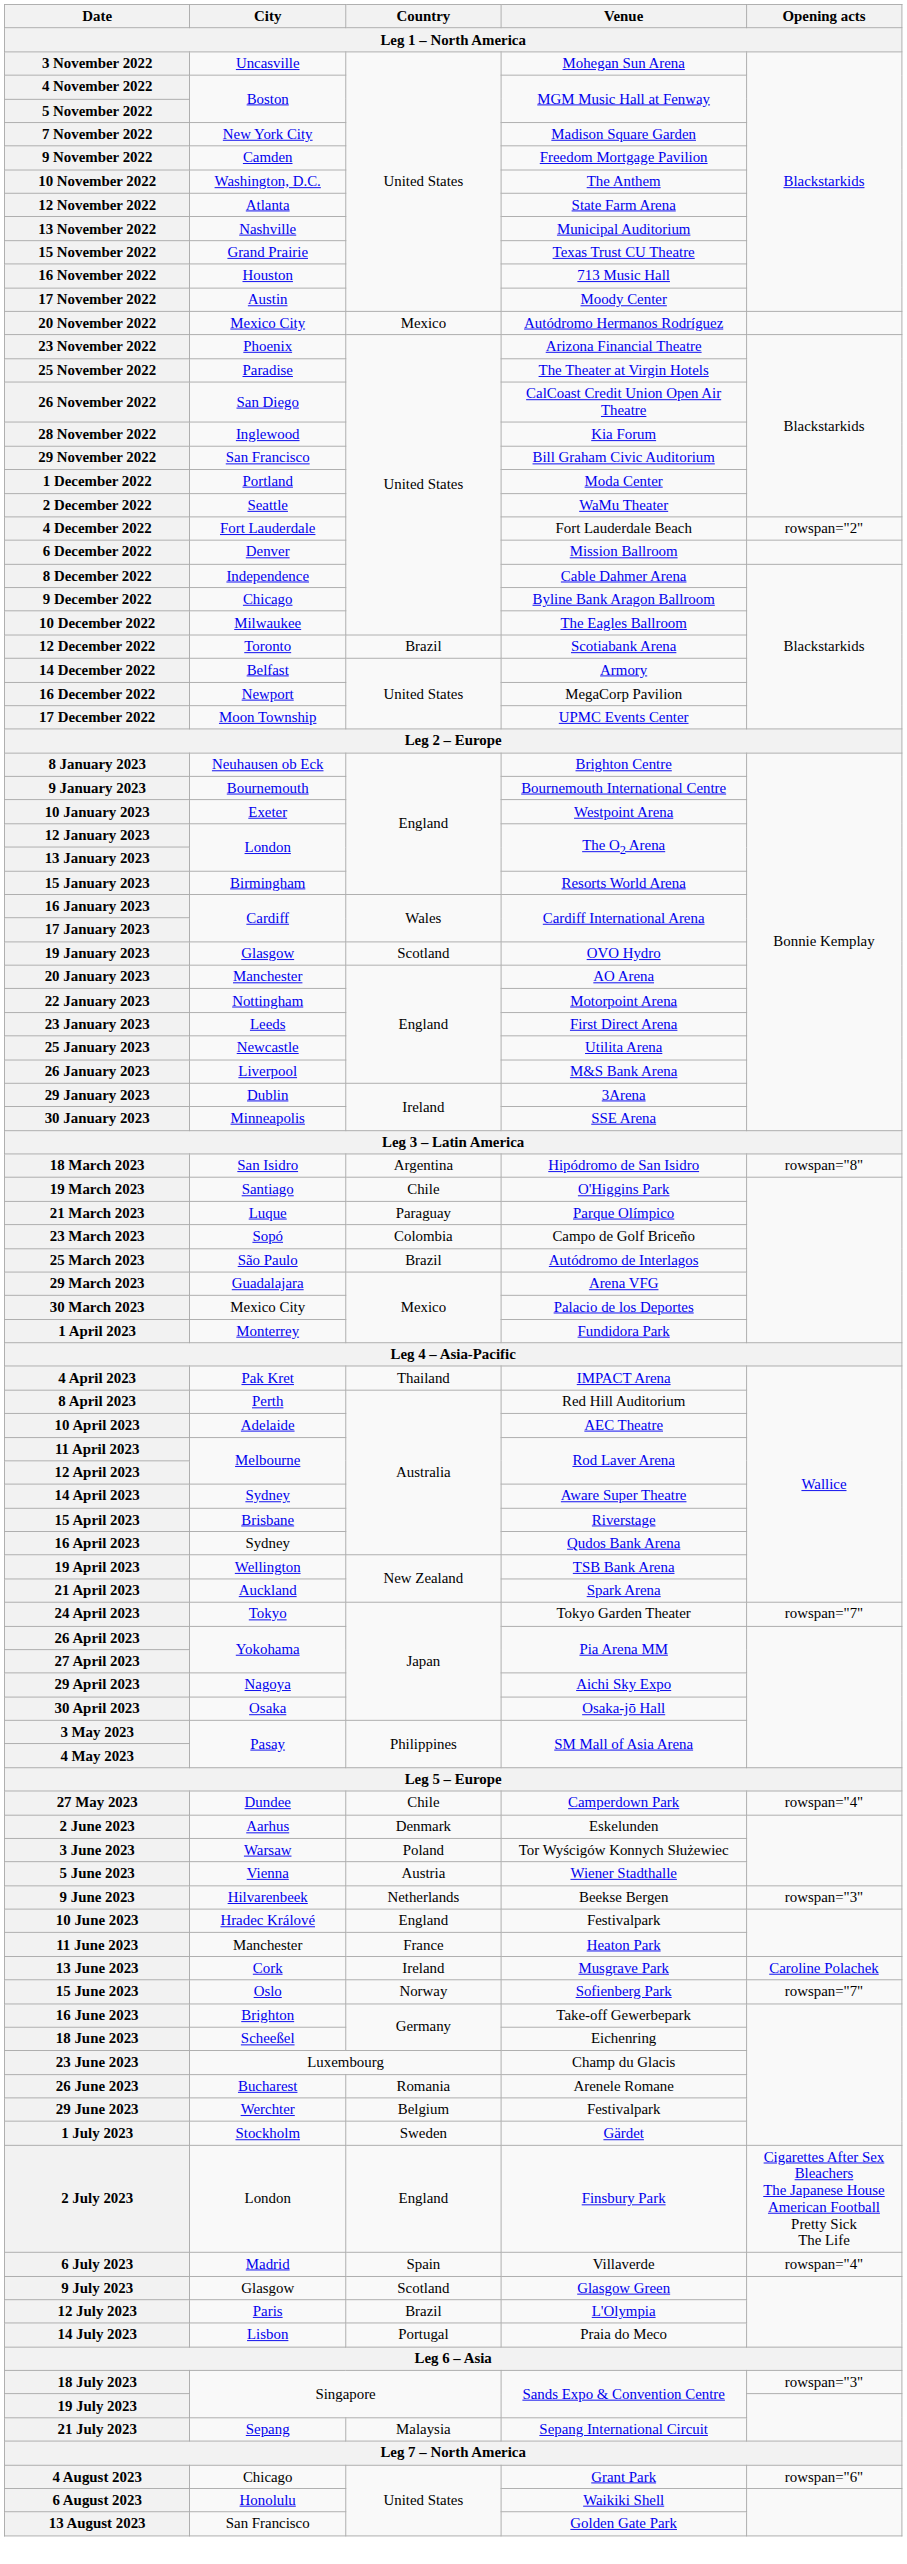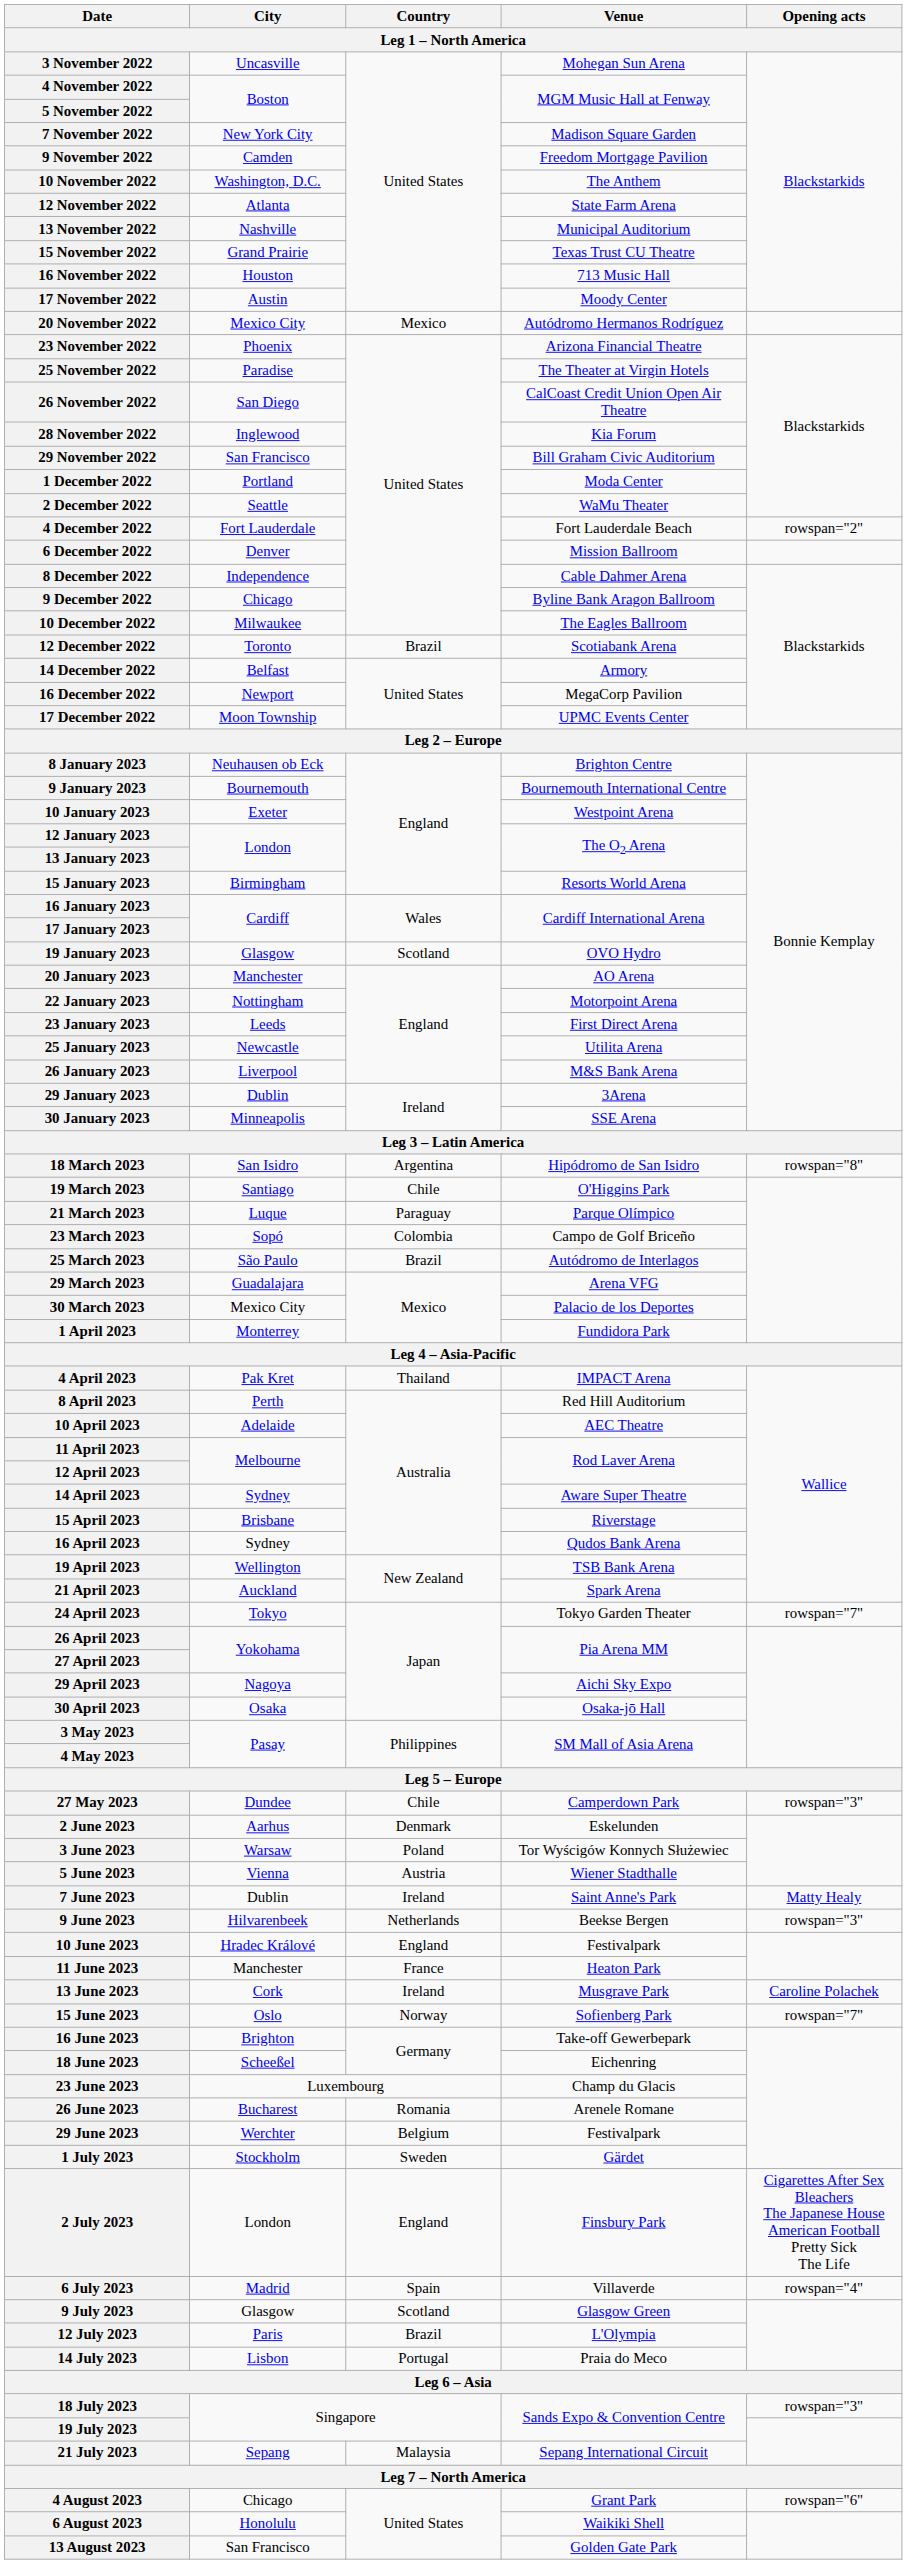 <table class="wikitable plainrowheaders" style="text-align:center;">
 <tr>
 <th scope="col" style="width:12em;">Date</th>
 <th scope="col" style="width:10em;">City</th>
 <th scope="col" style="width:10em;">Country</th>
 <th scope="col" style="width:16em;">Venue</th>
 <th scope="col" style="width:10em;">Opening acts</th>
 </tr>
 <tr>
 <th colspan="5">Leg 1 – North America</th>
 </tr>
 <tr>
 <th scope="row" style="text-align:center;">3 November 2022</th>
 <td><a href='#'>Uncasville</a></td>
 <td rowspan="11">United States</td>
 <td><a href='#'>Mohegan Sun Arena</a></td>
 <td rowspan="11"><a href='#'>Blackstarkids</a></td>
 </tr>
 <tr>
 <th scope="row" style="text-align:center;">4 November 2022</th>
 <td rowspan="2"><a href='#'>Boston</a></td>
 <td rowspan="2"><a href='#'>MGM Music Hall at Fenway</a></td>
 </tr>
 <tr>
 <th scope="row" style="text-align:center;">5 November 2022</th>
 </tr>
 <tr>
 <th scope="row" style="text-align:center;">7 November 2022</th>
 <td><a href='#'>New York City</a></td>
 <td><a href='#'>Madison Square Garden</a></td>
 </tr>
 <tr>
 <th scope="row" style="text-align:center;">9 November 2022</th>
 <td><a href='#'>Camden</a></td>
 <td><a href='#'>Freedom Mortgage Pavilion</a></td>
 </tr>
 <tr>
 <th scope="row" style="text-align:center;">10 November 2022</th>
 <td><a href='#'>Washington, D.C.</a></td>
 <td><a href='#'>The Anthem</a></td>
 </tr>
 <tr>
 <th scope="row" style="text-align:center;">12 November 2022</th>
 <td><a href='#'>Atlanta</a></td>
 <td><a href='#'>State Farm Arena</a></td>
 </tr>
 <tr>
 <th scope="row" style="text-align:center;">13 November 2022</th>
 <td><a href='#'>Nashville</a></td>
 <td><a href='#'>Municipal Auditorium</a></td>
 </tr>
 <tr>
 <th scope="row" style="text-align:center;">15 November 2022</th>
 <td><a href='#'>Grand Prairie</a></td>
 <td><a href='#'>Texas Trust CU Theatre</a></td>
 </tr>
 <tr>
 <th scope="row" style="text-align:center;">16 November 2022</th>
 <td><a href='#'>Houston</a></td>
 <td><a href='#'>713 Music Hall</a></td>
 </tr>
 <tr>
 <th scope="row" style="text-align:center;">17 November 2022</th>
 <td><a href='#'>Austin</a></td>
 <td><a href='#'>Moody Center</a></td>
 </tr>
 <tr>
 <th scope="row" style="text-align:center;">20 November 2022</th>
 <td><a href='#'>Mexico City</a></td>
 <td>Mexico</td>
 <td><a href='#'>Autódromo Hermanos Rodríguez</a></td>
 <td></td>
 </tr>
 <tr>
 <th scope="row" style="text-align:center;">23 November 2022</th>
 <td><a href='#'>Phoenix</a></td>
 <td rowspan="12">United States</td>
 <td><a href='#'>Arizona Financial Theatre</a></td>
 <td rowspan="7">Blackstarkids</td>
 </tr>
 <tr>
 <th scope="row" style="text-align:center;">25 November 2022</th>
 <td><a href='#'>Paradise</a></td>
 <td><a href='#'>The Theater at Virgin Hotels</a></td>
 </tr>
 <tr>
 <th scope="row" style="text-align:center;">26 November 2022</th>
 <td><a href='#'>San Diego</a></td>
 <td><a href='#'>CalCoast Credit Union Open Air Theatre</a></td>
 </tr>
 <tr>
 <th scope="row" style="text-align:center;">28 November 2022</th>
 <td><a href='#'>Inglewood</a></td>
 <td><a href='#'>Kia Forum</a></td>
 </tr>
 <tr>
 <th scope="row" style="text-align:center;">29 November 2022</th>
 <td><a href='#'>San Francisco</a></td>
 <td><a href='#'>Bill Graham Civic Auditorium</a></td>
 </tr>
 <tr>
 <th scope="row" style="text-align:center;">1 December 2022</th>
 <td><a href='#'>Portland</a></td>
 <td><a href='#'>Moda Center</a></td>
 </tr>
 <tr>
 <th scope="row" style="text-align:center;">2 December 2022</th>
 <td><a href='#'>Seattle</a></td>
 <td><a href='#'>WaMu Theater</a></td>
 </tr>
 <tr>
 <th scope="row" style="text-align:center;">4 December 2022</th>
 <td><a href='#'>Fort Lauderdale</a></td>
 <td>Fort Lauderdale Beach</td>
 <td>rowspan="2" </td>
 </tr>
 <tr>
 <th scope="row" style="text-align:center;">6 December 2022</th>
 <td><a href='#'>Denver</a></td>
 <td><a href='#'>Mission Ballroom</a></td>
 </tr>
 <tr>
 <th scope="row" style="text-align:center;">8 December 2022</th>
 <td><a href='#'>Independence</a></td>
 <td><a href='#'>Cable Dahmer Arena</a></td>
 <td rowspan="7">Blackstarkids</td>
 </tr>
 <tr>
 <th scope="row" style="text-align:center;">9 December 2022</th>
 <td><a href='#'>Chicago</a></td>
 <td><a href='#'>Byline Bank Aragon Ballroom</a></td>
 </tr>
 <tr>
 <th scope="row" style="text-align:center;">10 December 2022</th>
 <td><a href='#'>Milwaukee</a></td>
 <td><a href='#'>The Eagles Ballroom</a></td>
 </tr>
 <tr>
 <th scope="row" style="text-align:center;">12 December 2022</th>
 <td><a href='#'>Toronto</a></td>
 <td>Brazil</td>
 <td><a href='#'>Scotiabank Arena</a></td>
 </tr>
 <tr>
 <th scope="row" style="text-align:center;">14 December 2022</th>
 <td><a href='#'>Belfast</a></td>
 <td rowspan="3">United States</td>
 <td><a href='#'>Armory</a></td>
 </tr>
 <tr>
 <th scope="row" style="text-align:center;">16 December 2022</th>
 <td><a href='#'>Newport</a></td>
 <td>MegaCorp Pavilion</td>
 </tr>
 <tr>
 <th scope="row" style="text-align:center;">17 December 2022</th>
 <td><a href='#'>Moon Township</a></td>
 <td><a href='#'>UPMC Events Center</a></td>
 </tr>
 <tr>
 <th colspan="5">Leg 2 – Europe</th>
 </tr>
 <tr>
 <th scope="row" style="text-align:center;">8 January 2023</th>
 <td><a href='#'>Neuhausen ob Eck</a></td>
 <td rowspan="6">England</td>
 <td><a href='#'>Brighton Centre</a></td>
 <td rowspan="16">Bonnie Kemplay</td>
 </tr>
 <tr>
 <th scope="row" style="text-align:center;">9 January 2023</th>
 <td><a href='#'>Bournemouth</a></td>
 <td><a href='#'>Bournemouth International Centre</a></td>
 </tr>
 <tr>
 <th scope="row" style="text-align:center;">10 January 2023</th>
 <td><a href='#'>Exeter</a></td>
 <td><a href='#'>Westpoint Arena</a></td>
 </tr>
 <tr>
 <th scope="row" style="text-align:center;">12 January 2023</th>
 <td rowspan="2"><a href='#'>London</a></td>
 <td rowspan="2"><a href='#'>The O<sub>2</sub> Arena</a></td>
 </tr>
 <tr>
 <th scope="row" style="text-align:center;">13 January 2023</th>
 </tr>
 <tr>
 <th scope="row" style="text-align:center;">15 January 2023</th>
 <td><a href='#'>Birmingham</a></td>
 <td><a href='#'>Resorts World Arena</a></td>
 </tr>
 <tr>
 <th scope="row" style="text-align:center;">16 January 2023</th>
 <td rowspan="2"><a href='#'>Cardiff</a></td>
 <td rowspan="2">Wales</td>
 <td rowspan="2"><a href='#'>Cardiff International Arena</a></td>
 </tr>
 <tr>
 <th scope="row" style="text-align:center;">17 January 2023</th>
 </tr>
 <tr>
 <th scope="row" style="text-align:center;">19 January 2023</th>
 <td><a href='#'>Glasgow</a></td>
 <td>Scotland</td>
 <td><a href='#'>OVO Hydro</a></td>
 </tr>
 <tr>
 <th scope="row" style="text-align:center;">20 January 2023</th>
 <td><a href='#'>Manchester</a></td>
 <td rowspan="5">England</td>
 <td><a href='#'>AO Arena</a></td>
 </tr>
 <tr>
 <th scope="row" style="text-align:center;">22 January 2023</th>
 <td><a href='#'>Nottingham</a></td>
 <td><a href='#'>Motorpoint Arena</a></td>
 </tr>
 <tr>
 <th scope="row" style="text-align:center;">23 January 2023</th>
 <td><a href='#'>Leeds</a></td>
 <td><a href='#'>First Direct Arena</a></td>
 </tr>
 <tr>
 <th scope="row" style="text-align:center;">25 January 2023</th>
 <td><a href='#'>Newcastle</a></td>
 <td><a href='#'>Utilita Arena</a></td>
 </tr>
 <tr>
 <th scope="row" style="text-align:center;">26 January 2023</th>
 <td><a href='#'>Liverpool</a></td>
 <td><a href='#'>M&S Bank Arena</a></td>
 </tr>
 <tr>
 <th scope="row" style="text-align:center;">29 January 2023</th>
 <td><a href='#'>Dublin</a></td>
 <td rowspan="2">Ireland</td>
 <td><a href='#'>3Arena</a></td>
 </tr>
 <tr>
 <th scope="row" style="text-align:center;">30 January 2023</th>
 <td><a href='#'>Minneapolis</a></td>
 <td><a href='#'>SSE Arena</a></td>
 </tr>
 <tr>
 <th colspan="5">Leg 3 – Latin America</th>
 </tr>
 <tr>
 <th scope="row" style="text-align:center;">18 March 2023</th>
 <td><a href='#'>San Isidro</a></td>
 <td>Argentina</td>
 <td><a href='#'>Hipódromo de San Isidro</a></td>
 <td>rowspan="8" </td>
 </tr>
 <tr>
 <th scope="row" style="text-align:center;">19 March 2023</th>
 <td><a href='#'>Santiago</a></td>
 <td>Chile</td>
 <td><a href='#'>O'Higgins Park</a></td>
 </tr>
 <tr>
 <th scope="row" style="text-align:center;">21 March 2023</th>
 <td><a href='#'>Luque</a></td>
 <td>Paraguay</td>
 <td><a href='#'>Parque Olímpico</a></td>
 </tr>
 <tr>
 <th scope="row" style="text-align:center;">23 March 2023</th>
 <td><a href='#'>Sopó</a></td>
 <td>Colombia</td>
 <td>Campo de Golf Briceño</td>
 </tr>
 <tr>
 <th scope="row" style="text-align:center;">25 March 2023</th>
 <td><a href='#'>São Paulo</a></td>
 <td>Brazil</td>
 <td><a href='#'>Autódromo de Interlagos</a></td>
 </tr>
 <tr>
 <th scope="row" style="text-align:center;">29 March 2023</th>
 <td><a href='#'>Guadalajara</a></td>
 <td rowspan="3">Mexico</td>
 <td><a href='#'>Arena VFG</a></td>
 </tr>
 <tr>
 <th scope="row" style="text-align:center;">30 March 2023</th>
 <td>Mexico City</td>
 <td><a href='#'>Palacio de los Deportes</a></td>
 </tr>
 <tr>
 <th scope="row" style="text-align:center;">1 April 2023</th>
 <td><a href='#'>Monterrey</a></td>
 <td><a href='#'>Fundidora Park</a></td>
 </tr>
 <tr>
 <th colspan="5">Leg 4 – Asia-Pacific</th>
 </tr>
 <tr>
 <th scope="row" style="text-align:center;">4 April 2023</th>
 <td><a href='#'>Pak Kret</a></td>
 <td>Thailand</td>
 <td><a href='#'>IMPACT Arena</a></td>
 <td rowspan="10"><a href='#'>Wallice</a></td>
 </tr>
 <tr>
 <th scope="row" style="text-align:center;">8 April 2023</th>
 <td><a href='#'>Perth</a></td>
 <td rowspan="7">Australia</td>
 <td>Red Hill Auditorium</td>
 </tr>
 <tr>
 <th scope="row" style="text-align:center;">10 April 2023</th>
 <td><a href='#'>Adelaide</a></td>
 <td><a href='#'>AEC Theatre</a></td>
 </tr>
 <tr>
 <th scope="row" style="text-align:center;">11 April 2023</th>
 <td rowspan="2"><a href='#'>Melbourne</a></td>
 <td rowspan="2"><a href='#'>Rod Laver Arena</a></td>
 </tr>
 <tr>
 <th scope="row" style="text-align:center;">12 April 2023</th>
 </tr>
 <tr>
 <th scope="row" style="text-align:center;">14 April 2023</th>
 <td><a href='#'>Sydney</a></td>
 <td><a href='#'>Aware Super Theatre</a></td>
 </tr>
 <tr>
 <th scope="row" style="text-align:center;">15 April 2023</th>
 <td><a href='#'>Brisbane</a></td>
 <td><a href='#'>Riverstage</a></td>
 </tr>
 <tr>
 <th scope="row" style="text-align:center;">16 April 2023</th>
 <td>Sydney</td>
 <td><a href='#'>Qudos Bank Arena</a></td>
 </tr>
 <tr>
 <th scope="row" style="text-align:center;">19 April 2023</th>
 <td><a href='#'>Wellington</a></td>
 <td rowspan="2">New Zealand</td>
 <td><a href='#'>TSB Bank Arena</a></td>
 </tr>
 <tr>
 <th scope="row" style="text-align:center;">21 April 2023</th>
 <td><a href='#'>Auckland</a></td>
 <td><a href='#'>Spark Arena</a></td>
 </tr>
 <tr>
 <th scope="row" style="text-align:center;">24 April 2023</th>
 <td><a href='#'>Tokyo</a></td>
 <td rowspan="5">Japan</td>
 <td>Tokyo Garden Theater</td>
 <td>rowspan="7" </td>
 </tr>
 <tr>
 <th scope="row" style="text-align:center;">26 April 2023</th>
 <td rowspan="2"><a href='#'>Yokohama</a></td>
 <td rowspan="2"><a href='#'>Pia Arena MM</a></td>
 </tr>
 <tr>
 <th scope="row" style="text-align:center;">27 April 2023</th>
 </tr>
 <tr>
 <th scope="row" style="text-align:center;">29 April 2023</th>
 <td><a href='#'>Nagoya</a></td>
 <td><a href='#'>Aichi Sky Expo</a></td>
 </tr>
 <tr>
 <th scope="row" style="text-align:center;">30 April 2023</th>
 <td><a href='#'>Osaka</a></td>
 <td><a href='#'>Osaka-jō Hall</a></td>
 </tr>
 <tr>
 <th scope="row" style="text-align:center;">3 May 2023</th>
 <td rowspan="2"><a href='#'>Pasay</a></td>
 <td rowspan="2">Philippines</td>
 <td rowspan="2"><a href='#'>SM Mall of Asia Arena</a></td>
 </tr>
 <tr>
 <th scope="row" style="text-align:center;">4 May 2023</th>
 </tr>
 <tr>
 <th colspan="5">Leg 5 – Europe</th>
 </tr>
 <tr>
 <th scope="row" style="text-align:center;">27 May 2023</th>
 <td><a href='#'>Dundee</a></td>
 <td>Chile</td>
 <td><a href='#'>Camperdown Park</a></td>
-<td>rowspan="4" </td>
+<td>rowspan="3" </td>
 </tr>
 <tr>
 <th scope="row" style="text-align:center;">2 June 2023</th>
 <td><a href='#'>Aarhus</a></td>
 <td>Denmark</td>
 <td>Eskelunden</td>
 </tr>
 <tr>
 <th scope="row" style="text-align:center;">3 June 2023</th>
 <td><a href='#'>Warsaw</a></td>
 <td>Poland</td>
 <td>Tor Wyścigów Konnych Służewiec</td>
 </tr>
 <tr>
 <th scope="row" style="text-align:center;">5 June 2023</th>
 <td><a href='#'>Vienna</a></td>
 <td>Austria</td>
 <td><a href='#'>Wiener Stadthalle</a></td>
+</tr>
+<tr>
+<th scope="row" style="text-align:center;">7 June 2023</th>
+<td>Dublin</td>
+<td>Ireland</td>
+<td><a href='#'>Saint Anne's Park</a></td>
+<td><a href='#'>Matty Healy</a></td>
 </tr>
 <tr>
 <th scope="row" style="text-align:center;">9 June 2023</th>
 <td><a href='#'>Hilvarenbeek</a></td>
 <td>Netherlands</td>
 <td>Beekse Bergen</td>
 <td>rowspan="3" </td>
 </tr>
 <tr>
 <th scope="row" style="text-align:center;">10 June 2023</th>
 <td><a href='#'>Hradec Králové</a></td>
 <td>England</td>
 <td>Festivalpark</td>
 </tr>
 <tr>
 <th scope="row" style="text-align:center;">11 June 2023</th>
 <td>Manchester</td>
 <td>France</td>
 <td><a href='#'>Heaton Park</a></td>
 </tr>
 <tr>
 <th scope="row" style="text-align:center;">13 June 2023</th>
 <td><a href='#'>Cork</a></td>
 <td>Ireland</td>
 <td><a href='#'>Musgrave Park</a></td>
 <td><a href='#'>Caroline Polachek</a></td>
 </tr>
 <tr>
 <th scope="row" style="text-align:center;">15 June 2023</th>
 <td><a href='#'>Oslo</a></td>
 <td>Norway</td>
 <td><a href='#'>Sofienberg Park</a></td>
 <td>rowspan="7" </td>
 </tr>
 <tr>
 <th scope="row" style="text-align:center;">16 June 2023</th>
 <td><a href='#'>Brighton</a></td>
 <td rowspan="2">Germany</td>
 <td>Take-off Gewerbepark</td>
 </tr>
 <tr>
 <th scope="row" style="text-align:center;">18 June 2023</th>
 <td><a href='#'>Scheeßel</a></td>
 <td>Eichenring</td>
 </tr>
 <tr>
 <th scope="row" style="text-align:center;">23 June 2023</th>
 <td colspan="2">Luxembourg</td>
 <td>Champ du Glacis</td>
 </tr>
 <tr>
 <th scope="row" style="text-align:center;">26 June 2023</th>
 <td><a href='#'>Bucharest</a></td>
 <td>Romania</td>
 <td>Arenele Romane</td>
 </tr>
 <tr>
 <th scope="row" style="text-align:center;">29 June 2023</th>
 <td><a href='#'>Werchter</a></td>
 <td>Belgium</td>
 <td>Festivalpark</td>
 </tr>
 <tr>
 <th scope="row" style="text-align:center;">1 July 2023</th>
 <td><a href='#'>Stockholm</a></td>
 <td>Sweden</td>
 <td><a href='#'>Gärdet</a></td>
 </tr>
 <tr>
 <th scope="row" style="text-align:center;">2 July 2023</th>
 <td>London</td>
 <td>England</td>
 <td><a href='#'>Finsbury Park</a></td>
 <td><a href='#'>Cigarettes After Sex</a><br><a href='#'>Bleachers</a><br><a href='#'>The Japanese House</a><br><a href='#'>American Football</a><br>Pretty Sick<br>The Life</td>
 </tr>
 <tr>
 <th scope="row" style="text-align:center;">6 July 2023</th>
 <td><a href='#'>Madrid</a></td>
 <td>Spain</td>
 <td>Villaverde</td>
 <td>rowspan="4" </td>
 </tr>
 <tr>
 <th scope="row" style="text-align:center;">9 July 2023</th>
 <td>Glasgow</td>
 <td>Scotland</td>
 <td><a href='#'>Glasgow Green</a></td>
 </tr>
 <tr>
 <th scope="row" style="text-align:center;">12 July 2023</th>
 <td><a href='#'>Paris</a></td>
 <td>Brazil</td>
 <td><a href='#'>L'Olympia</a></td>
 </tr>
 <tr>
 <th scope="row" style="text-align:center;">14 July 2023</th>
 <td><a href='#'>Lisbon</a></td>
 <td>Portugal</td>
 <td>Praia do Meco</td>
 </tr>
 <tr>
 <th colspan="5">Leg 6 – Asia</th>
 </tr>
 <tr>
 <th scope="row" style="text-align:center;">18 July 2023</th>
 <td colspan="2" rowspan="2">Singapore</td>
 <td rowspan="2"><a href='#'>Sands Expo & Convention Centre</a></td>
 <td>rowspan="3" </td>
 </tr>
 <tr>
 <th scope="row" style="text-align:center;">19 July 2023</th>
 </tr>
 <tr>
 <th scope="row" style="text-align:center;">21 July 2023</th>
 <td><a href='#'>Sepang</a></td>
 <td>Malaysia</td>
 <td><a href='#'>Sepang International Circuit</a></td>
 </tr>
 <tr>
 <th colspan="5">Leg 7 – North America</th>
 </tr>
 <tr>
 <th scope="row" style="text-align:center;">4 August 2023</th>
 <td>Chicago</td>
 <td rowspan="3">United States</td>
 <td><a href='#'>Grant Park</a></td>
 <td>rowspan="6" </td>
 </tr>
 <tr>
 <th scope="row" style="text-align:center;">6 August 2023</th>
 <td><a href='#'>Honolulu</a></td>
 <td><a href='#'>Waikiki Shell</a></td>
 </tr>
 <tr>
 <th scope="row" style="text-align:center;">13 August 2023</th>
 <td>San Francisco</td>
 <td><a href='#'>Golden Gate Park</a></td>
 </tr>
 </table>
